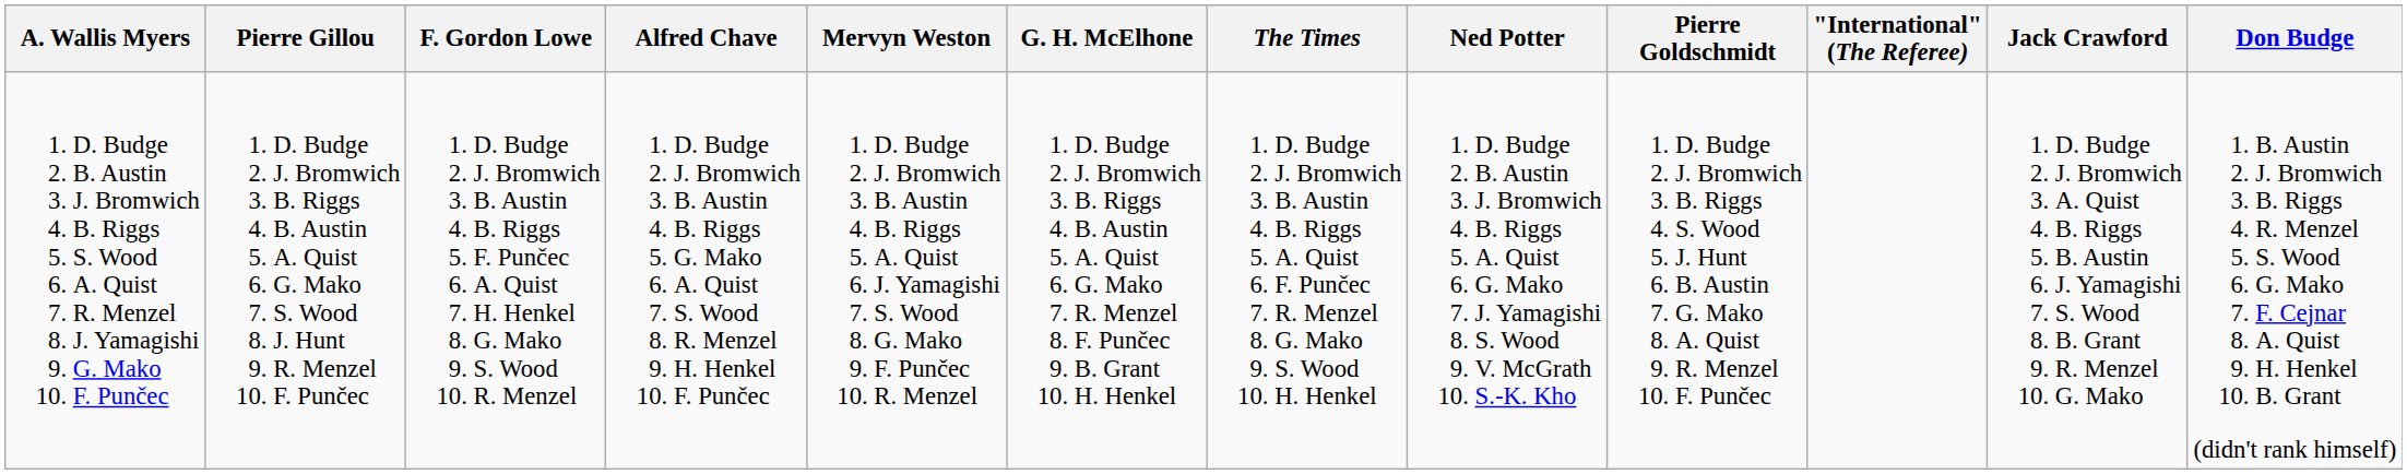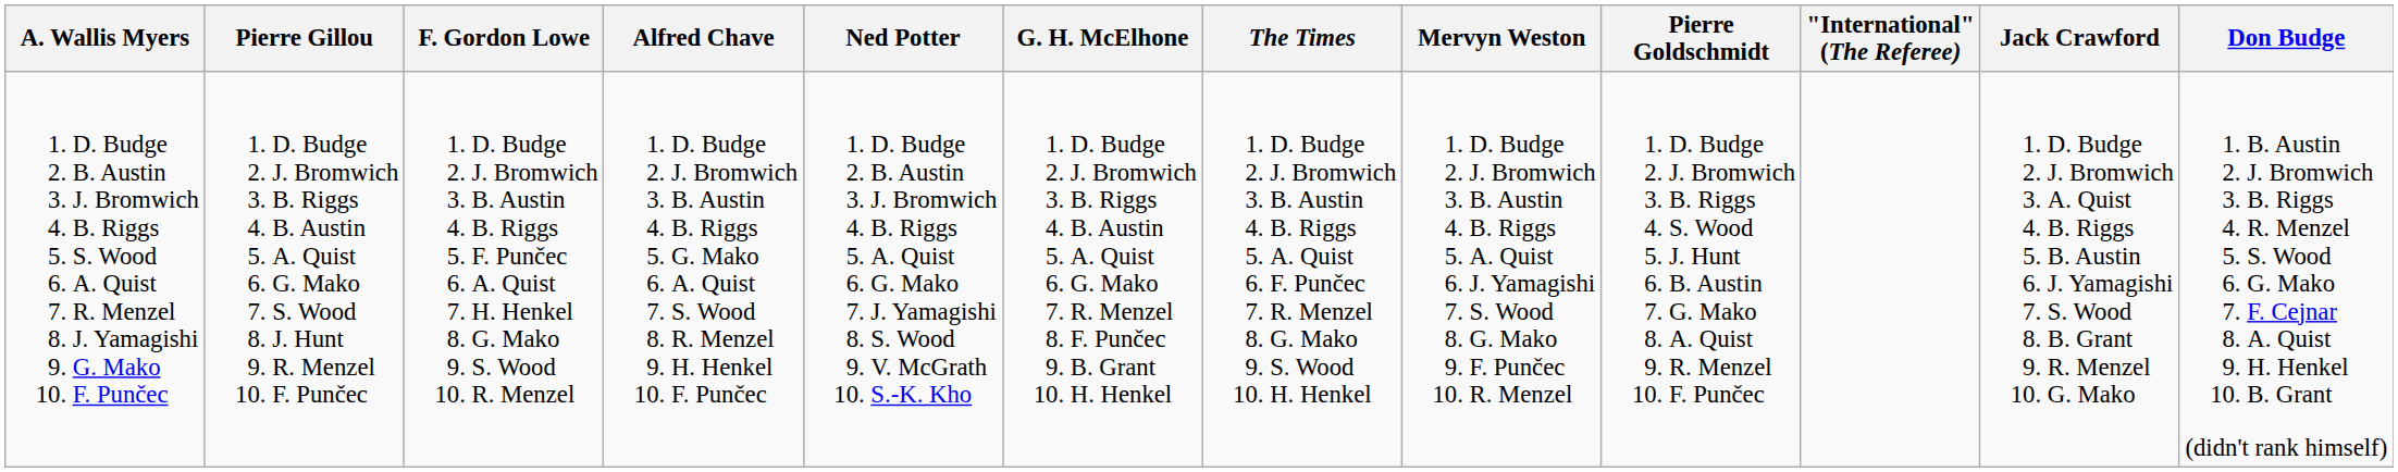 <table class="wikitable">
 <tr>
 <th>A. Wallis Myers</th>
 <th>Pierre Gillou</th>
 <th>F. Gordon Lowe</th>
 <th>Alfred Chave</th>
-<th>Mervyn Weston</th>
+<th>Ned Potter</th>
 <th>G. H. McElhone</th>
 <th><em>The Times</em></th>
-<th>Ned Potter</th>
+<th>Mervyn Weston</th>
 <th>Pierre Goldschmidt</th>
 <th>"International"<em></em><br>(<em>The Referee)</em></th>
 <th>Jack Crawford</th>
 <th><a href='#'>Don Budge</a></th>
 </tr>
 <tr style="vertical-align: top;">
 <td style="white-space: nowrap;"><br><ol><li> D. Budge</li><li> B. Austin</li><li> J. Bromwich</li><li> B. Riggs</li><li> S. Wood</li><li> A. Quist</li><li> R. Menzel</li><li> J. Yamagishi</li><li> <a href='#'>G. Mako</a></li><li> <a href='#'>F. Punčec</a></li></ol></td>
 <td style="white-space: nowrap;"><br><ol><li> D. Budge</li><li> J. Bromwich</li><li> B. Riggs</li><li> B. Austin</li><li> A. Quist</li><li> G. Mako</li><li> S. Wood</li><li> J. Hunt</li><li> R. Menzel</li><li> F. Punčec</li></ol></td>
 <td style="white-space: nowrap;"><br><ol><li> D. Budge</li><li> J. Bromwich</li><li> B. Austin</li><li> B. Riggs</li><li> F. Punčec</li><li> A. Quist</li><li> H. Henkel</li><li> G. Mako</li><li> S. Wood</li><li> R. Menzel</li></ol></td>
 <td style="white-space: nowrap;"><br><ol><li> D. Budge</li><li> J. Bromwich</li><li> B. Austin</li><li> B. Riggs</li><li> G. Mako</li><li> A. Quist</li><li> S. Wood</li><li> R. Menzel</li><li> H. Henkel</li><li> F. Punčec</li></ol></td>
-<td style="white-space: nowrap;"><br><ol><li> D. Budge</li><li> J. Bromwich</li><li> B. Austin</li><li> B. Riggs</li><li> A. Quist</li><li> J. Yamagishi</li><li> S. Wood</li><li> G. Mako</li><li> F. Punčec</li><li> R. Menzel</li></ol></td>
+<td style="white-space: nowrap;"><br><ol><li> D. Budge</li><li> B. Austin</li><li> J. Bromwich</li><li> B. Riggs</li><li> A. Quist</li><li> G. Mako</li><li> J. Yamagishi</li><li> S. Wood</li><li> V. McGrath</li><li> <a href='#'>S.-K. Kho</a></li></ol></td>
 <td style="white-space: nowrap;"><br><ol><li> D. Budge</li><li> J. Bromwich</li><li> B. Riggs</li><li> B. Austin</li><li> A. Quist</li><li> G. Mako</li><li> R. Menzel</li><li> F. Punčec</li><li> B. Grant</li><li> H. Henkel</li></ol></td>
 <td style="white-space: nowrap;"><br><ol><li> D. Budge</li><li> J. Bromwich</li><li> B. Austin</li><li> B. Riggs</li><li> A. Quist</li><li> F. Punčec</li><li> R. Menzel</li><li> G. Mako</li><li> S. Wood</li><li> H. Henkel</li></ol></td>
-<td style="white-space: nowrap;"><br><ol><li> D. Budge</li><li> B. Austin</li><li> J. Bromwich</li><li> B. Riggs</li><li> A. Quist</li><li> G. Mako</li><li> J. Yamagishi</li><li> S. Wood</li><li> V. McGrath</li><li> <a href='#'>S.-K. Kho</a></li></ol></td>
+<td style="white-space: nowrap;"><br><ol><li> D. Budge</li><li> J. Bromwich</li><li> B. Austin</li><li> B. Riggs</li><li> A. Quist</li><li> J. Yamagishi</li><li> S. Wood</li><li> G. Mako</li><li> F. Punčec</li><li> R. Menzel</li></ol></td>
 <td style="white-space: nowrap;"><br><ol><li> D. Budge</li><li> J. Bromwich</li><li> B. Riggs</li><li> S. Wood</li><li> J. Hunt</li><li> B. Austin</li><li> G. Mako</li><li> A. Quist</li><li> R. Menzel</li><li> F. Punčec</li></ol></td>
 <td style="white-space: nowrap;"><br></td>
 <td style="white-space: nowrap;"><br><ol><li> D. Budge</li><li> J. Bromwich</li><li> A. Quist</li><li> B. Riggs</li><li> B. Austin</li><li> J. Yamagishi</li><li> S. Wood</li><li> B. Grant</li><li> R. Menzel</li><li> G. Mako</li></ol></td>
 <td style="white-space: nowrap;"><br><ol><li> B. Austin</li><li> J. Bromwich</li><li> B. Riggs</li><li> R. Menzel</li><li> S. Wood</li><li> G. Mako</li><li> <a href='#'>F. Cejnar</a></li><li> A. Quist</li><li> H. Henkel</li><li> B. Grant</li></ol>(didn't rank himself)</td>
 </tr>
 </table>
